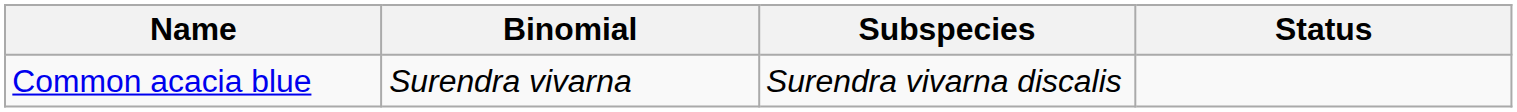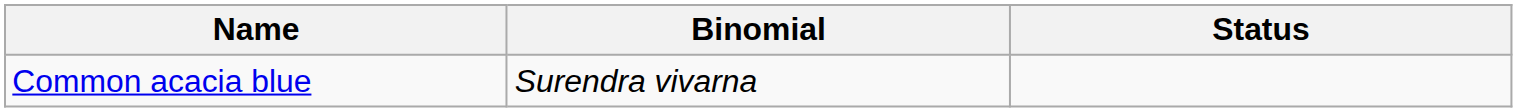 <table width=60% class="wikitable">
 <tr>
 <th width=20%>Name</th>
 <th width=20%>Binomial</th>
-<th width=20%>Subspecies</th>
 <th width=20%>Status</th>
 </tr>
 <tr>
 <td><a href='#'>Common acacia blue</a><br> </td>
 <td><em>Surendra vivarna</em></td>
-<td><em>Surendra vivarna discalis</em></td>
 <td></td>
 </tr>
 </table>
